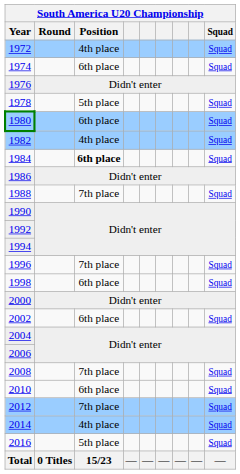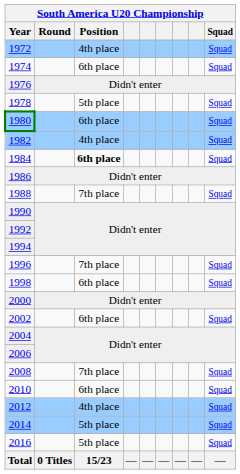 <table class="wikitable" style="text-align: center;">
 <tr>
 <th colspan=9><a href='#'>South America U20 Championship</a></th>
 </tr>
 <tr>
 <th>Year</th>
 <th>Round</th>
 <th>Position</th>
 <th></th>
 <th></th>
 <th></th>
 <th></th>
 <th></th>
 <th><small>Squad</small></th>
 </tr>
 <tr bgcolor=9acdff>
 <td> <a href='#'>1972</a></td>
 <td></td>
 <td>4th place</td>
 <td></td>
 <td></td>
 <td></td>
 <td></td>
 <td></td>
 <td><small> <a href='#'>Squad</a></small></td>
 </tr>
 <tr>
 <td> <a href='#'>1974</a></td>
 <td></td>
 <td>6th place</td>
 <td></td>
 <td></td>
 <td></td>
 <td></td>
 <td></td>
 <td><small> <a href='#'>Squad</a></small></td>
 </tr>
 <tr bgcolor="efefef">
 <td> <a href='#'>1976</a></td>
 <td colspan=9>Didn't enter</td>
 </tr>
 <tr>
 <td> <a href='#'>1978</a></td>
 <td></td>
 <td>5th place</td>
 <td></td>
 <td></td>
 <td></td>
 <td></td>
 <td></td>
 <td><small> <a href='#'>Squad</a></small></td>
 </tr>
 <tr bgcolor=9acdff>
 <td style="border:3px solid green"> <a href='#'>1980</a></td>
 <td></td>
 <td>6th place</td>
 <td></td>
 <td></td>
 <td></td>
 <td></td>
 <td></td>
 <td><small> <a href='#'>Squad</a></small></td>
 </tr>
 <tr bgcolor=9acdff>
 <td> <a href='#'>1982</a></td>
 <td></td>
 <td>4th place</td>
 <td></td>
 <td></td>
 <td></td>
 <td></td>
 <td></td>
 <td><small> <a href='#'>Squad</a></small></td>
 </tr>
 <tr>
 <td> <a href='#'>1984</a></td>
 <td></td>
 <td><strong>6th place</strong></td>
 <td></td>
 <td></td>
 <td></td>
 <td></td>
 <td></td>
 <td><small> <a href='#'>Squad</a></small></td>
 </tr>
 <tr bgcolor="efefef">
 <td> <a href='#'>1986</a></td>
 <td colspan=9>Didn't enter</td>
 </tr>
 <tr>
 <td> <a href='#'>1988</a></td>
 <td></td>
 <td>7th place</td>
 <td></td>
 <td></td>
 <td></td>
 <td></td>
 <td></td>
 <td><small> <a href='#'>Squad</a></small></td>
 </tr>
 <tr bgcolor="efefef">
 <td> <a href='#'>1990</a></td>
 <td colspan=9 rowspan=3>Didn't enter</td>
 </tr>
 <tr bgcolor="efefef">
 <td> <a href='#'>1992</a></td>
 </tr>
 <tr bgcolor="efefef">
 <td> <a href='#'>1994</a></td>
 </tr>
 <tr>
 <td> <a href='#'>1996</a></td>
 <td></td>
 <td>7th place</td>
 <td></td>
 <td></td>
 <td></td>
 <td></td>
 <td></td>
 <td><small> <a href='#'>Squad</a></small></td>
 </tr>
 <tr>
 <td> <a href='#'>1998</a></td>
 <td></td>
 <td>6th place</td>
 <td></td>
 <td></td>
 <td></td>
 <td></td>
 <td></td>
 <td><small> <a href='#'>Squad</a></small></td>
 </tr>
 <tr bgcolor="efefef">
 <td> <a href='#'>2000</a></td>
 <td colspan=9>Didn't enter</td>
 </tr>
 <tr>
 <td> <a href='#'>2002</a></td>
 <td></td>
 <td>6th place</td>
 <td></td>
 <td></td>
 <td></td>
 <td></td>
 <td></td>
 <td><small> <a href='#'>Squad</a></small></td>
 </tr>
 <tr bgcolor="efefef">
 <td> <a href='#'>2004</a></td>
 <td colspan=9 rowspan=2>Didn't enter</td>
 </tr>
 <tr bgcolor="efefef">
 <td> <a href='#'>2006</a></td>
 </tr>
 <tr>
 <td> <a href='#'>2008</a></td>
 <td></td>
 <td>7th place</td>
 <td></td>
 <td></td>
 <td></td>
 <td></td>
 <td></td>
 <td><small> <a href='#'>Squad</a></small></td>
 </tr>
 <tr>
 <td> <a href='#'>2010</a></td>
 <td></td>
 <td>6th place</td>
 <td></td>
 <td></td>
 <td></td>
 <td></td>
 <td></td>
 <td><small> <a href='#'>Squad</a></small></td>
 </tr>
 <tr bgcolor=9acdff>
 <td> <a href='#'>2012</a></td>
 <td></td>
-<td>7th place</td>
+<td>4th place</td>
 <td></td>
 <td></td>
 <td></td>
 <td></td>
 <td></td>
 <td><small> <a href='#'>Squad</a></small></td>
 </tr>
 <tr bgcolor=9acdff>
 <td> <a href='#'>2014</a></td>
 <td></td>
-<td>4th place</td>
+<td>5th place</td>
 <td></td>
 <td></td>
 <td></td>
 <td></td>
 <td></td>
 <td><small> <a href='#'>Squad</a></small></td>
 </tr>
 <tr>
 <td> <a href='#'>2016</a></td>
 <td></td>
 <td>5th place</td>
 <td></td>
 <td></td>
 <td></td>
 <td></td>
 <td></td>
 <td><small> <a href='#'>Squad</a></small></td>
 </tr>
 <tr>
 <th>Total</th>
 <th>0 Titles</th>
 <th>15/23</th>
 <th>—</th>
 <th>—</th>
 <th>—</th>
 <th>—</th>
 <th>—</th>
 <th>—</th>
 </tr>
 </table>
